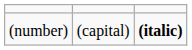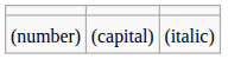 <table class="wikitable" style="line-height: 1.2">
 <tr align=center>
 <td></td>
 <td></td>
 <td></td>
 </tr>
 <tr align=center>
 <td><small>(number)</small></td>
 <td><small>(capital)</small></td>
-<td><strong><small>(italic)</small></strong></td>
+<td><small>(italic)</small></td>
 </tr>
 </table>
